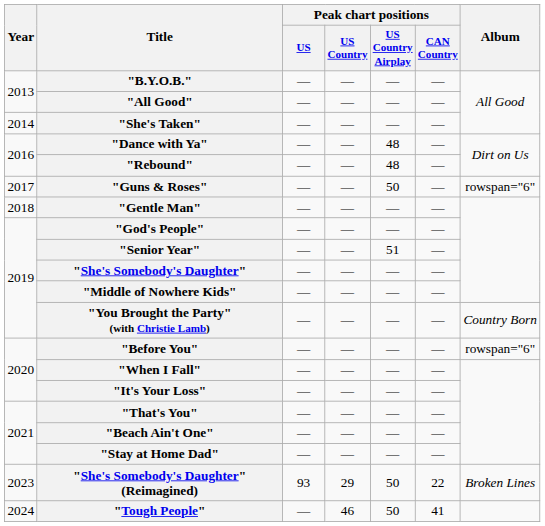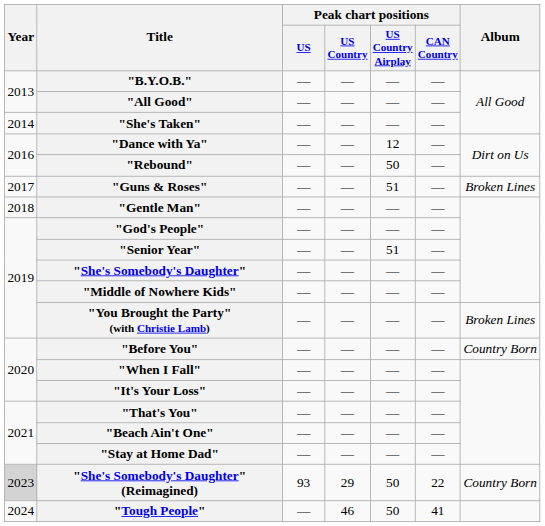 <table class="wikitable plainrowheaders" style="text-align:center;">
 <tr>
 <th scope="col" rowspan="2">Year</th>
 <th scope="col" rowspan="2" style="width:18em;">Title</th>
 <th scope="col" colspan="4">Peak chart positions</th>
 <th scope="col" rowspan="2">Album</th>
 </tr>
 <tr style="font-size:smaller;">
 <th scope="col" style="width:45px;"><a href='#'>US</a><br></th>
 <th scope="col" style="width:45px;"><a href='#'>US Country</a><br></th>
 <th scope="col" style="width:45px;"><a href='#'>US Country Airplay</a><br></th>
 <th scope="col" style="width:45px;"><a href='#'>CAN Country</a><br></th>
 </tr>
 <tr>
 <td rowspan=2>2013</td>
 <th scope="row">"B.Y.O.B."</th>
 <td>—</td>
 <td>—</td>
 <td>—</td>
 <td>—</td>
 <td rowspan=3><em>All Good</em></td>
 </tr>
 <tr>
 <th scope="row">"All Good"</th>
 <td>—</td>
 <td>—</td>
 <td>—</td>
 <td>—</td>
 </tr>
 <tr>
 <td>2014</td>
 <th scope="row">"She's Taken"</th>
 <td>—</td>
 <td>—</td>
 <td>—</td>
 <td>—</td>
 </tr>
 <tr>
 <td rowspan="2">2016</td>
 <th scope="row">"Dance with Ya"</th>
 <td>—</td>
 <td>—</td>
-<td>48</td>
+<td>12</td>
 <td>—</td>
 <td rowspan=2><em>Dirt on Us</em></td>
 </tr>
 <tr>
 <th scope="row">"Rebound"<br></th>
 <td>—</td>
 <td>—</td>
-<td>48</td>
+<td>50</td>
 <td>—</td>
 </tr>
 <tr>
 <td>2017</td>
 <th scope="row">"Guns & Roses"</th>
 <td>—</td>
 <td>—</td>
-<td>50</td>
+<td>51</td>
 <td>—</td>
-<td>rowspan="6" </td>
+<td><em>Broken Lines</em></td>
 </tr>
 <tr>
 <td>2018</td>
 <th scope="row">"Gentle Man"</th>
 <td>—</td>
 <td>—</td>
 <td>—</td>
 <td>—</td>
 </tr>
 <tr>
 <td rowspan=5>2019</td>
 <th scope="row">"God's People"</th>
 <td>—</td>
 <td>—</td>
 <td>—</td>
 <td>—</td>
 </tr>
 <tr>
 <th scope="row">"Senior Year"</th>
 <td>—</td>
 <td>—</td>
 <td>51</td>
 <td>—</td>
 </tr>
 <tr>
 <th scope="row">"<a href='#'>She's Somebody's Daughter</a>"</th>
 <td>—</td>
 <td>—</td>
 <td>—</td>
 <td>—</td>
 </tr>
 <tr>
 <th scope="row">"Middle of Nowhere Kids"</th>
 <td>—</td>
 <td>—</td>
 <td>—</td>
 <td>—</td>
 </tr>
 <tr>
 <th scope="row">"You Brought the Party" <br> <small>(with <a href='#'>Christie Lamb</a>)</small></th>
 <td>—</td>
 <td>—</td>
 <td>—</td>
 <td>—</td>
-<td><em>Country Born</em></td>
+<td><em>Broken Lines</em></td>
 </tr>
 <tr>
 <td rowspan="3">2020</td>
 <th scope="row">"Before You"</th>
 <td>—</td>
 <td>—</td>
 <td>—</td>
 <td>—</td>
-<td>rowspan="6" </td>
+<td><em>Country Born</em></td>
 </tr>
 <tr>
 <th scope="row">"When I Fall"</th>
 <td>—</td>
 <td>—</td>
 <td>—</td>
 <td>—</td>
 </tr>
 <tr>
 <th scope="row">"It's Your Loss"</th>
 <td>—</td>
 <td>—</td>
 <td>—</td>
 <td>—</td>
 </tr>
 <tr>
 <td rowspan="3">2021</td>
 <th scope="row">"That's You"</th>
 <td>—</td>
 <td>—</td>
 <td>—</td>
 <td>—</td>
 </tr>
 <tr>
 <th scope="row">"Beach Ain't One"</th>
 <td>—</td>
 <td>—</td>
 <td>—</td>
 <td>—</td>
 </tr>
 <tr>
 <th scope="row">"Stay at Home Dad"</th>
 <td>—</td>
 <td>—</td>
 <td>—</td>
 <td>—</td>
 </tr>
 <tr>
-<td>2023</td>
+<td style="background: lightgrey;">2023</td>
 <th scope="row">"<a href='#'>She's Somebody's Daughter</a>" (Reimagined)</th>
 <td>93</td>
 <td>29</td>
 <td>50</td>
 <td>22</td>
-<td><em>Broken Lines</em></td>
+<td><em>Country Born</em></td>
 </tr>
 <tr>
 <td>2024</td>
 <th scope="row">"<a href='#'>Tough People</a>"</th>
 <td>—</td>
 <td>46</td>
 <td>50</td>
 <td>41</td>
 <td></td>
 </tr>
 </table>
